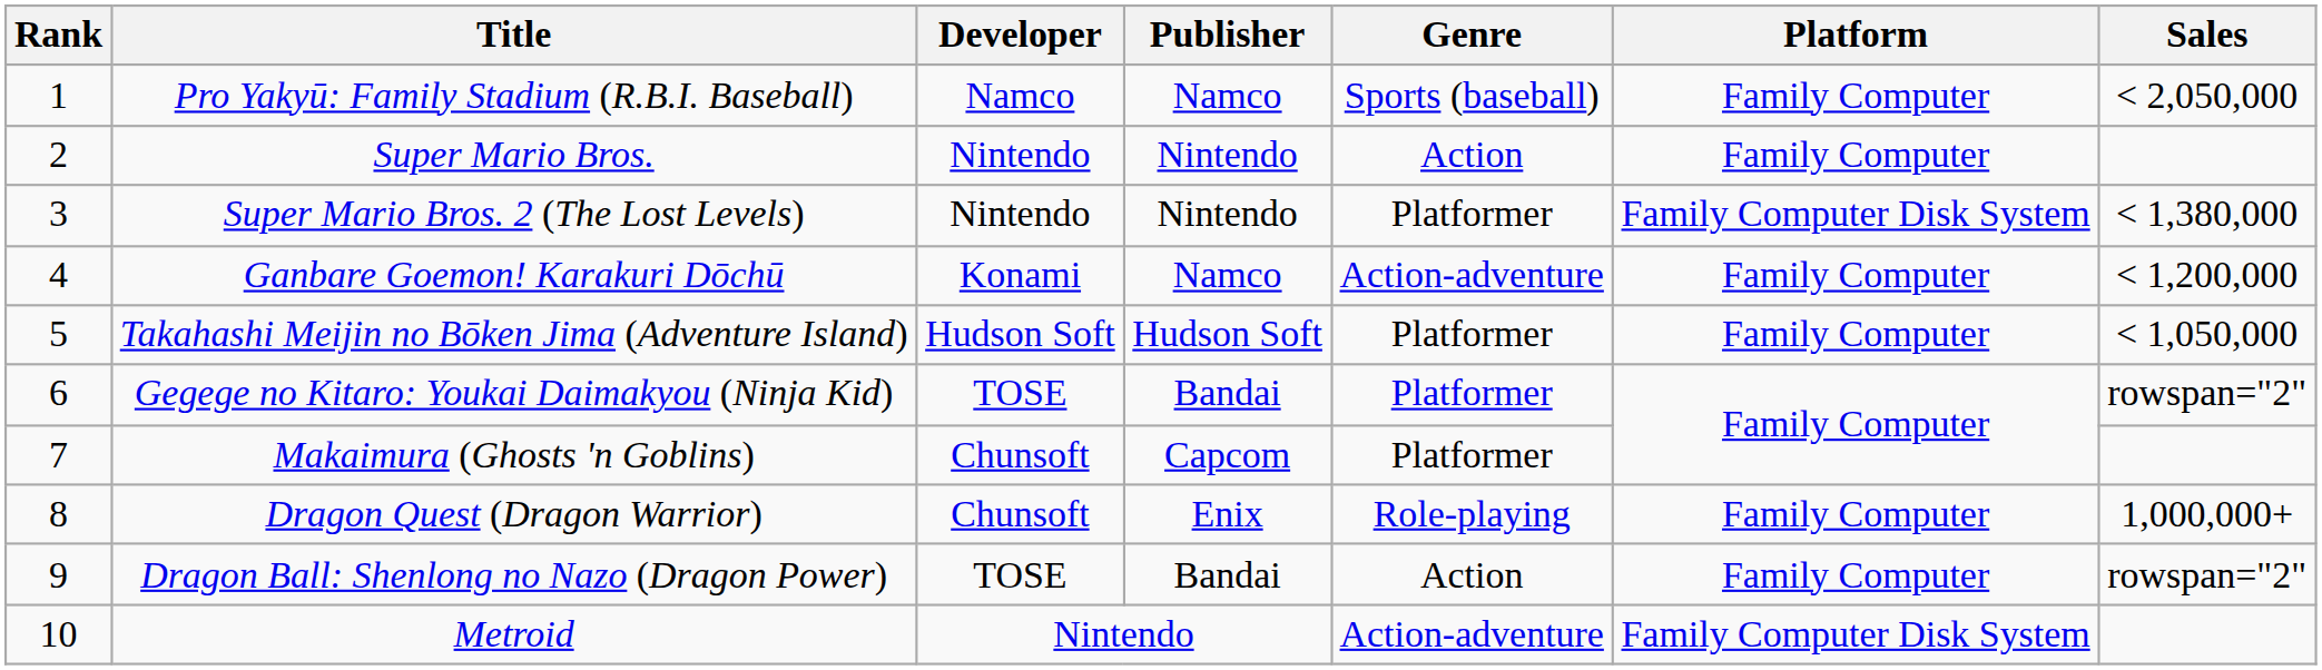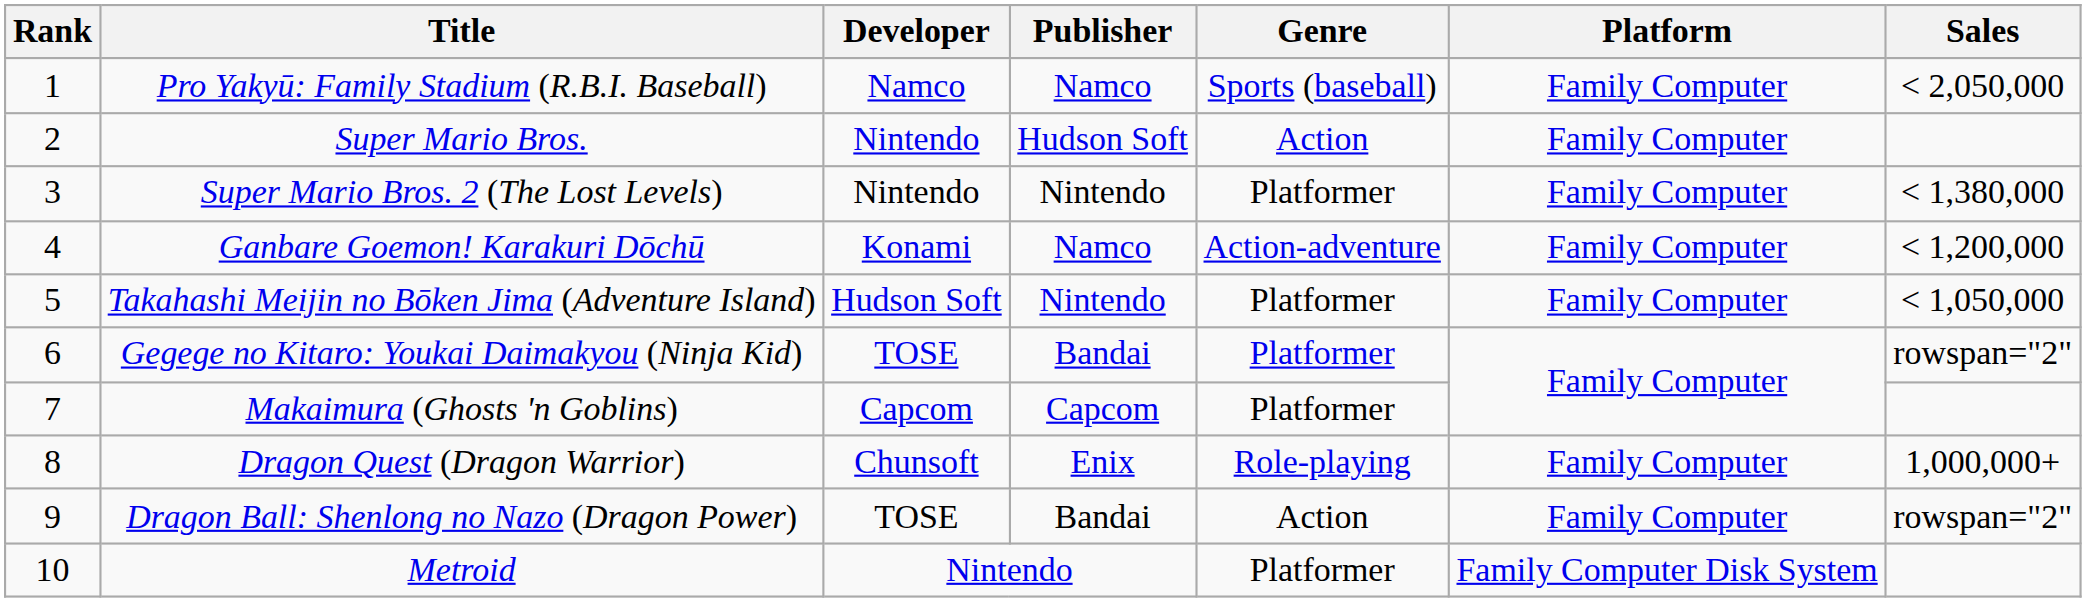 <table class="wikitable sortable" style="text-align:center">
 <tr>
 <th>Rank</th>
 <th>Title</th>
 <th>Developer</th>
 <th>Publisher</th>
 <th>Genre</th>
 <th>Platform</th>
 <th>Sales</th>
 </tr>
 <tr>
 <td>1</td>
 <td><em><a href='#'>Pro Yakyū: Family Stadium</a></em> (<em>R.B.I. Baseball</em>)</td>
 <td><a href='#'>Namco</a></td>
 <td><a href='#'>Namco</a></td>
 <td><a href='#'>Sports</a> (<a href='#'>baseball</a>)</td>
 <td><a href='#'>Family Computer</a></td>
 <td>< 2,050,000</td>
 </tr>
 <tr>
 <td>2</td>
 <td><em><a href='#'>Super Mario Bros.</a></em></td>
 <td><a href='#'>Nintendo</a></td>
-<td><a href='#'>Nintendo</a></td>
+<td><a href='#'>Hudson Soft</a></td>
 <td><a href='#'>Action</a></td>
 <td><a href='#'>Family Computer</a></td>
 <td></td>
 </tr>
 <tr>
 <td>3</td>
 <td><em><a href='#'>Super Mario Bros. 2</a></em> (<em>The Lost Levels</em>)</td>
 <td>Nintendo</td>
 <td>Nintendo</td>
 <td>Platformer</td>
-<td><a href='#'>Family Computer Disk System</a></td>
+<td><a href='#'>Family Computer</a></td>
 <td>< 1,380,000</td>
 </tr>
 <tr>
 <td>4</td>
 <td><em><a href='#'>Ganbare Goemon! Karakuri Dōchū</a></em></td>
 <td><a href='#'>Konami</a></td>
 <td><a href='#'>Namco</a></td>
 <td><a href='#'>Action-adventure</a></td>
 <td><a href='#'>Family Computer</a></td>
 <td>< 1,200,000</td>
 </tr>
 <tr>
 <td>5</td>
 <td><em><a href='#'>Takahashi Meijin no Bōken Jima</a></em> (<em>Adventure Island</em>)</td>
 <td><a href='#'>Hudson Soft</a></td>
-<td><a href='#'>Hudson Soft</a></td>
+<td><a href='#'>Nintendo</a></td>
 <td>Platformer</td>
 <td><a href='#'>Family Computer</a></td>
 <td>< 1,050,000</td>
 </tr>
 <tr>
 <td>6</td>
 <td><em><a href='#'>Gegege no Kitaro: Youkai Daimakyou</a></em> (<em>Ninja Kid</em>)</td>
 <td><a href='#'>TOSE</a></td>
 <td><a href='#'>Bandai</a></td>
 <td><a href='#'>Platformer</a></td>
 <td rowspan="2"><a href='#'>Family Computer</a></td>
 <td>rowspan="2" </td>
 </tr>
 <tr>
 <td>7</td>
 <td><em><a href='#'>Makaimura</a></em> (<em>Ghosts 'n Goblins</em>)</td>
-<td><a href='#'>Chunsoft</a></td>
+<td><a href='#'>Capcom</a></td>
 <td><a href='#'>Capcom</a></td>
 <td>Platformer</td>
 </tr>
 <tr>
 <td>8</td>
 <td><em><a href='#'>Dragon Quest</a></em> (<em>Dragon Warrior</em>)</td>
 <td><a href='#'>Chunsoft</a></td>
 <td><a href='#'>Enix</a></td>
 <td><a href='#'>Role-playing</a></td>
 <td><a href='#'>Family Computer</a></td>
 <td>1,000,000+</td>
 </tr>
 <tr>
 <td>9</td>
 <td><em><a href='#'>Dragon Ball: Shenlong no Nazo</a></em> (<em>Dragon Power</em>)</td>
 <td>TOSE</td>
 <td>Bandai</td>
 <td>Action</td>
 <td><a href='#'>Family Computer</a></td>
 <td>rowspan="2" </td>
 </tr>
 <tr>
 <td>10</td>
 <td><em><a href='#'>Metroid</a></em></td>
 <td colspan="2"><a href='#'>Nintendo</a></td>
-<td><a href='#'>Action-adventure</a></td>
+<td>Platformer</td>
 <td><a href='#'>Family Computer Disk System</a></td>
 </tr>
 </table>
